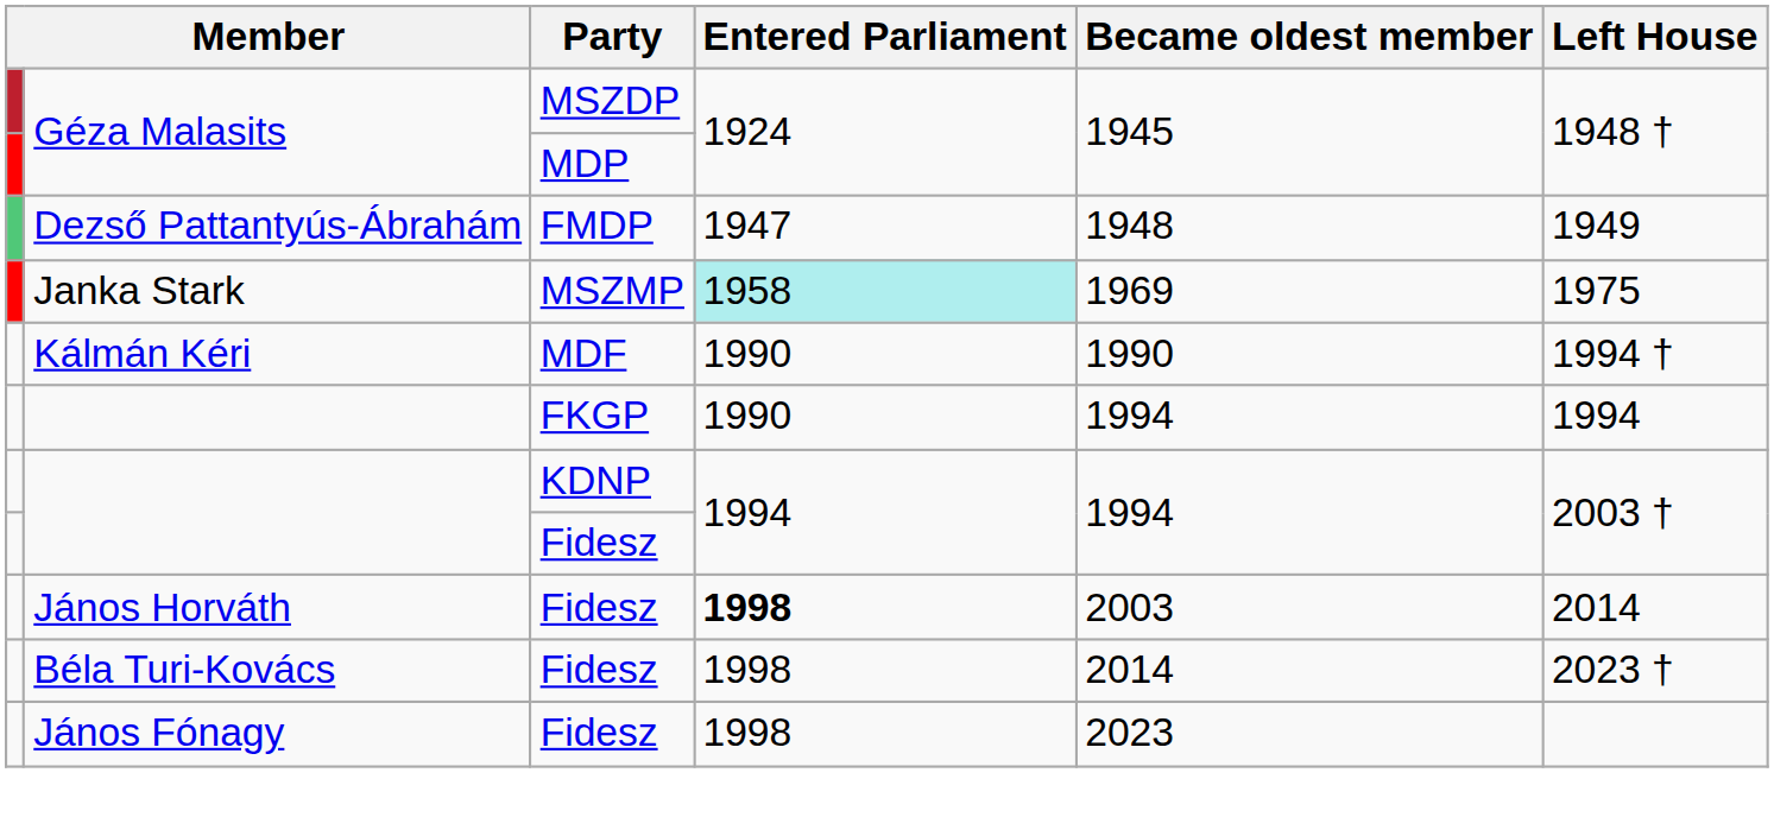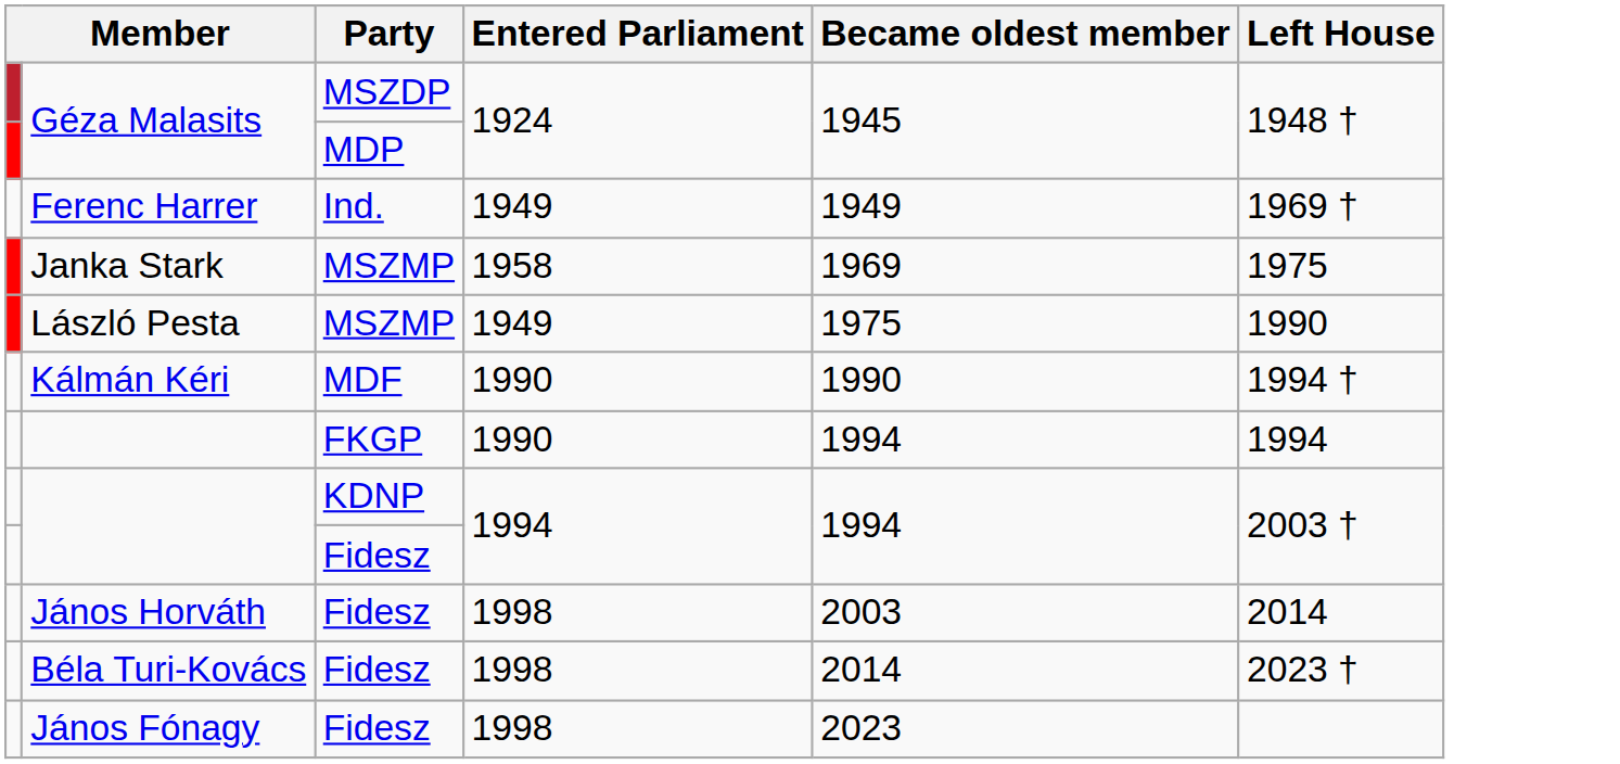 <table class=wikitable>
 <tr>
 <th colspan=2>Member</th>
 <th>Party</th>
 <th>Entered Parliament</th>
 <th>Became oldest member</th>
 <th>Left House</th>
 </tr>
 <tr>
 <td style="background-color:#BE1F2E"></td>
 <td rowspan=2><a href='#'>Géza Malasits</a></td>
 <td><a href='#'>MSZDP</a></td>
 <td rowspan=2>1924</td>
 <td rowspan=2>1945</td>
 <td rowspan=2>1948 †</td>
 </tr>
 <tr>
 <td style="background-color:Red"></td>
 <td><a href='#'>MDP</a></td>
 </tr>
 <tr>
-<td style="background-color:#50C878"></td>
-<td><a href='#'>Dezső Pattantyús-Ábrahám</a></td>
-<td><a href='#'>FMDP</a></td>
-<td>1947</td>
-<td>1948</td>
+<td style="background-color:"></td>
+<td><a href='#'>Ferenc Harrer</a></td>
+<td><a href='#'>Ind.</a></td>
 <td>1949</td>
+<td>1949</td>
+<td>1969 †</td>
 </tr>
 <tr>
 <td style="background-color:Red"></td>
 <td>Janka Stark</td>
 <td><a href='#'>MSZMP</a></td>
-<td style="background: paleturquoise;">1958</td>
+<td>1958</td>
 <td>1969</td>
 <td>1975</td>
+</tr>
+<tr>
+<td style="background-color:Red"></td>
+<td>László Pesta</td>
+<td><a href='#'>MSZMP</a></td>
+<td>1949</td>
+<td>1975</td>
+<td>1990</td>
 </tr>
 <tr>
 <td style="background-color:"></td>
 <td><a href='#'>Kálmán Kéri</a></td>
 <td><a href='#'>MDF</a></td>
 <td>1990</td>
 <td>1990</td>
 <td>1994 †</td>
 </tr>
 <tr>
 <td style="background-color:"></td>
 <td></td>
 <td><a href='#'>FKGP</a></td>
 <td>1990</td>
 <td>1994</td>
 <td>1994</td>
 </tr>
 <tr>
 <td style="background-color:"></td>
 <td rowspan=2></td>
 <td><a href='#'>KDNP</a></td>
 <td rowspan=2>1994</td>
 <td rowspan=2>1994</td>
 <td rowspan=2>2003 †</td>
 </tr>
 <tr>
 <td style="background-color:"></td>
 <td><a href='#'>Fidesz</a></td>
 </tr>
 <tr>
 <td style="background-color:"></td>
 <td><a href='#'>János Horváth</a></td>
 <td><a href='#'>Fidesz</a></td>
-<td><strong>1998</strong></td>
+<td>1998</td>
 <td>2003</td>
 <td>2014</td>
 </tr>
 <tr>
 <td style="background-color:"></td>
 <td><a href='#'>Béla Turi-Kovács</a></td>
 <td><a href='#'>Fidesz</a></td>
 <td>1998</td>
 <td>2014</td>
 <td>2023 †</td>
 </tr>
 <tr>
 <td style="background-color:"></td>
 <td><a href='#'>János Fónagy</a></td>
 <td><a href='#'>Fidesz</a></td>
 <td>1998</td>
 <td>2023</td>
 <td></td>
 </tr>
 </table>
